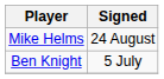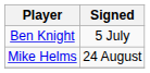 <table class="wikitable sortable sortable" style="text-align: center">
 <tr>
 <th>Player</th>
 <th>Signed</th>
 </tr>
 <tr>
+<td><a href='#'>Ben Knight</a></td>
+<td>5 July</td>
+</tr>
+<tr>
 <td><a href='#'>Mike Helms</a></td>
 <td>24 August</td>
 </tr>
 <tr>
-<td><a href='#'>Ben Knight</a></td>
-<td>5 July</td>
-</tr>
-<tr>
 </tr>
 </table>
